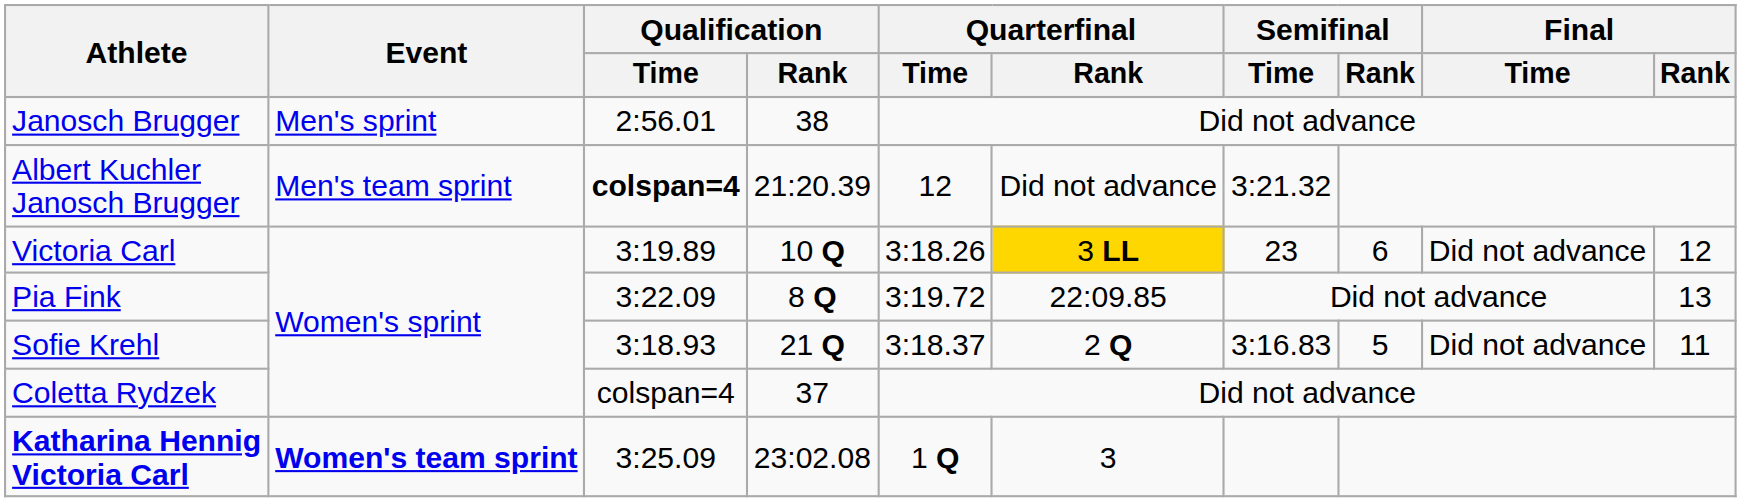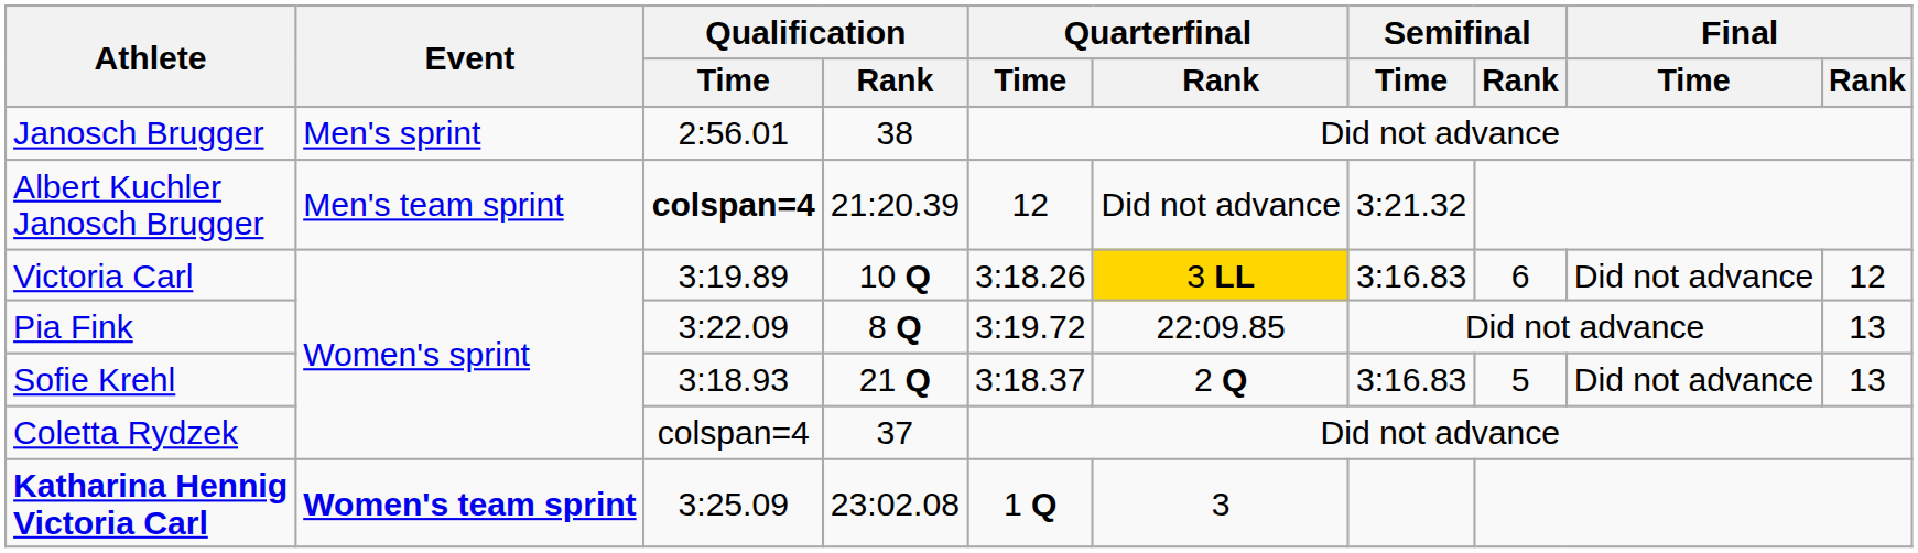 <table class="wikitable" style="font-size:90%">
 <tr>
 <th rowspan="2">Athlete</th>
 <th rowspan="2">Event</th>
 <th colspan="2">Qualification</th>
 <th colspan="2">Quarterfinal</th>
 <th colspan="2">Semifinal</th>
 <th colspan="2">Final</th>
 </tr>
 <tr style="font-size:95%">
 <th>Time</th>
 <th>Rank</th>
 <th>Time</th>
 <th>Rank</th>
 <th>Time</th>
 <th>Rank</th>
 <th>Time</th>
 <th>Rank</th>
 </tr>
 <tr align=center>
 <td align=left><a href='#'>Janosch Brugger</a></td>
 <td align=left><a href='#'>Men's sprint</a></td>
 <td>2:56.01</td>
 <td>38</td>
 <td colspan=6>Did not advance</td>
 </tr>
 <tr align=center>
 <td align=left><a href='#'>Albert Kuchler</a><br><a href='#'>Janosch Brugger</a></td>
 <td align=left><a href='#'>Men's team sprint</a></td>
 <td><strong>colspan=4</strong></td>
 <td>21:20.39</td>
 <td>12</td>
 <td>Did not advance</td>
 <td>3:21.32</td>
 </tr>
 <tr align=center>
 <td align=left><a href='#'>Victoria Carl</a></td>
 <td align=left rowspan=4><a href='#'>Women's sprint</a></td>
 <td>3:19.89</td>
 <td>10 <strong>Q</strong></td>
 <td>3:18.26</td>
 <td style="background: gold;">3 <strong>LL</strong></td>
-<td>23</td>
+<td>3:16.83</td>
 <td>6</td>
 <td>Did not advance</td>
 <td>12</td>
 </tr>
 <tr align=center>
 <td align=left><a href='#'>Pia Fink</a></td>
 <td>3:22.09</td>
 <td>8 <strong>Q</strong></td>
 <td>3:19.72</td>
 <td>22:09.85</td>
 <td colspan=3>Did not advance</td>
 <td>13</td>
 </tr>
 <tr align=center>
 <td align=left><a href='#'>Sofie Krehl</a></td>
 <td>3:18.93</td>
 <td>21 <strong>Q</strong></td>
 <td>3:18.37</td>
 <td>2 <strong>Q</strong></td>
 <td>3:16.83</td>
 <td>5</td>
 <td>Did not advance</td>
-<td>11</td>
+<td>13</td>
 </tr>
 <tr align=center>
 <td align=left><a href='#'>Coletta Rydzek</a></td>
 <td>colspan=4</td>
 <td>37</td>
 <td colspan=6>Did not advance</td>
 </tr>
 <tr align=center>
 <td align=left><strong><a href='#'>Katharina Hennig</a><br><a href='#'>Victoria Carl</a></strong></td>
 <td align=left><strong><a href='#'>Women's team sprint</a></strong></td>
 <td>3:25.09</td>
 <td>23:02.08</td>
 <td>1 <strong>Q</strong></td>
 <td>3</td>
 <td></td>
 </tr>
 </table>
